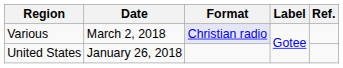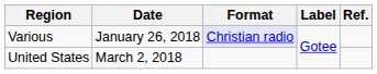 <table class="wikitable plainrowheaders">
 <tr>
 <th scope="col">Region</th>
 <th scope="col">Date</th>
 <th scope="col">Format</th>
 <th scope="col">Label</th>
 <th scope="col">Ref.</th>
 </tr>
 <tr>
 <td>Various</td>
-<td rowspan="1">March 2, 2018</td>
+<td rowspan="1">January 26, 2018</td>
 <td style="background: lavender;"><a href='#'>Christian radio</a></td>
 <td rowspan="2"><a href='#'>Gotee</a></td>
 <td></td>
 </tr>
 <tr>
 <td>United States</td>
-<td rowspan="1">January 26, 2018</td>
+<td rowspan="1">March 2, 2018</td>
 <td></td>
 <td></td>
 </tr>
 </table>
